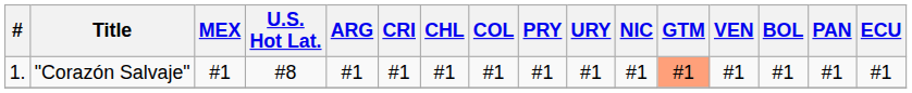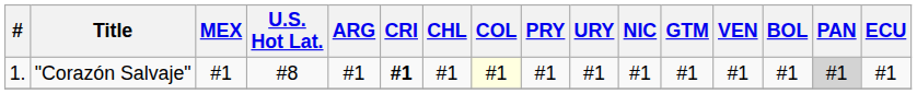 <table class="wikitable">
 <tr>
 <th>#</th>
 <th>Title</th>
 <th><a href='#'>MEX</a></th>
 <th><a href='#'>U.S.</a><br><a href='#'>Hot Lat.</a></th>
 <th><a href='#'>ARG</a></th>
 <th><a href='#'>CRI</a></th>
 <th><a href='#'>CHL</a></th>
 <th><a href='#'>COL</a></th>
 <th><a href='#'>PRY</a></th>
 <th><a href='#'>URY</a></th>
 <th><a href='#'>NIC</a></th>
 <th><a href='#'>GTM</a></th>
 <th><a href='#'>VEN</a></th>
 <th><a href='#'>BOL</a></th>
 <th><a href='#'>PAN</a></th>
 <th><a href='#'>ECU</a></th>
 </tr>
 <tr>
 <td>1.</td>
 <td align="center">"Corazón Salvaje"</td>
 <td align="center">#1</td>
 <td align="center">#8 <small></small></td>
 <td align="center">#1</td>
+<td align="center"><strong>#1</strong></td>
+<td align="center">#1</td>
+<td align="center" style="background: lightyellow;">#1</td>
 <td align="center">#1</td>
 <td align="center">#1</td>
 <td align="center">#1</td>
 <td align="center">#1</td>
 <td align="center">#1</td>
 <td align="center">#1</td>
-<td align="center" style="background: lightsalmon;">#1</td>
-<td align="center">#1</td>
-<td align="center">#1</td>
-<td align="center">#1</td>
+<td align="center" style="background: lightgrey;">#1</td>
 <td align="center">#1</td>
 </tr>
 <tr>
 </tr>
 </table>
